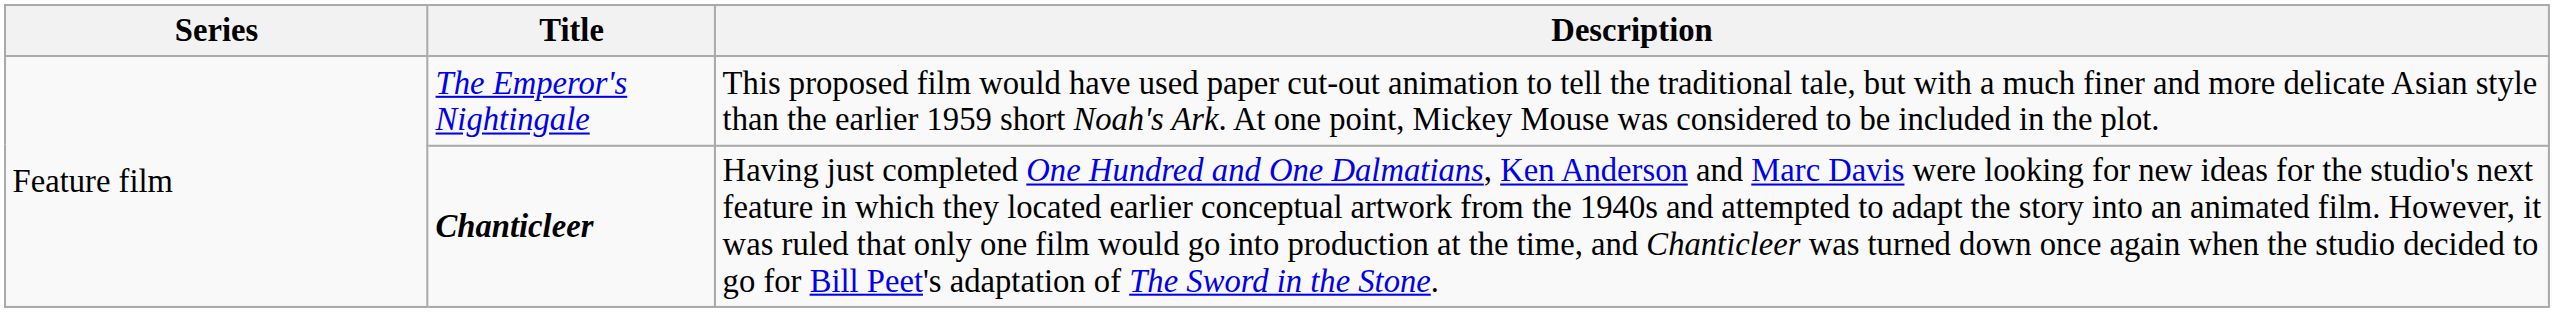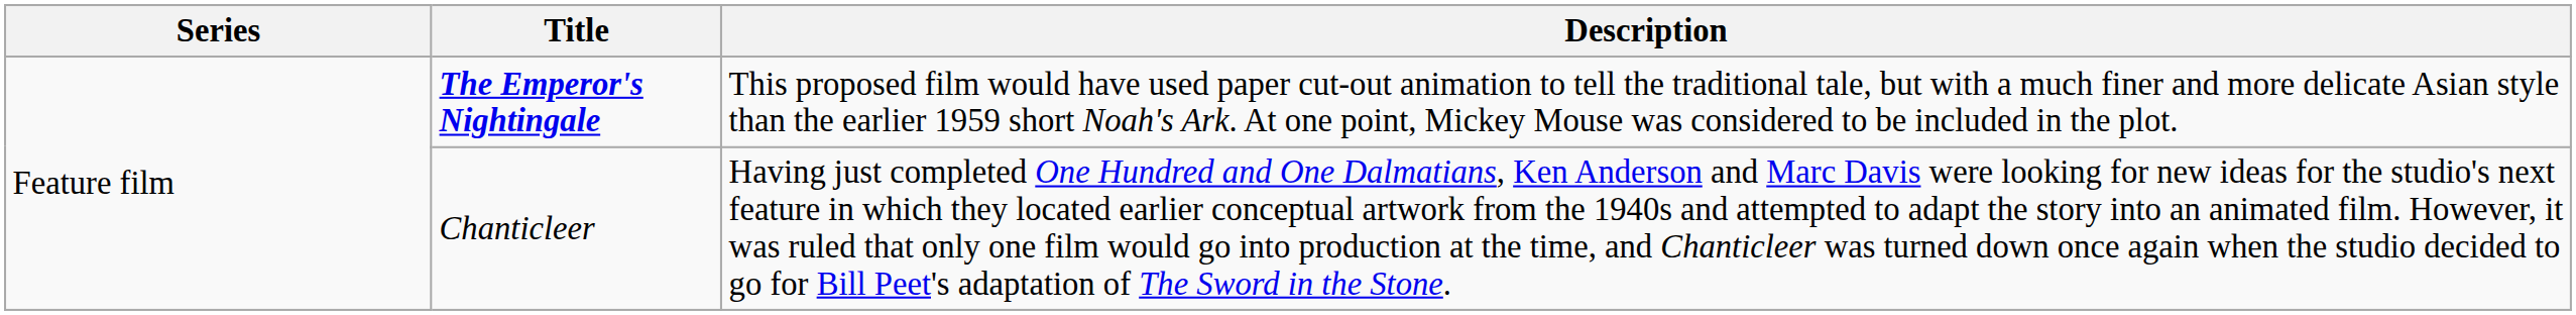 <table class="wikitable">
 <tr>
 <th style="width:150pt;">Series</th>
 <th style="width:100pt;">Title</th>
 <th>Description</th>
 </tr>
 <tr>
 <td rowspan="2">Feature film</td>
-<td><em><a href='#'>The Emperor's Nightingale</a></em></td>
+<td><strong><em><a href='#'>The Emperor's Nightingale</a></em></strong></td>
 <td>This proposed film would have used paper cut-out animation to tell the traditional tale, but with a much finer and more delicate Asian style than the earlier 1959 short <em>Noah's Ark</em>. At one point, Mickey Mouse was considered to be included in the plot.</td>
 </tr>
 <tr>
-<td><strong><em>Chanticleer</em></strong></td>
+<td><em>Chanticleer</em></td>
 <td>Having just completed <em><a href='#'>One Hundred and One Dalmatians</a></em>, <a href='#'>Ken Anderson</a> and <a href='#'>Marc Davis</a> were looking for new ideas for the studio's next feature in which they located earlier conceptual artwork from the 1940s and attempted to adapt the story into an animated film. However, it was ruled that only one film would go into production at the time, and <em>Chanticleer</em> was turned down once again when the studio decided to go for <a href='#'>Bill Peet</a>'s adaptation of <em><a href='#'>The Sword in the Stone</a></em>.</td>
 </tr>
 </table>
